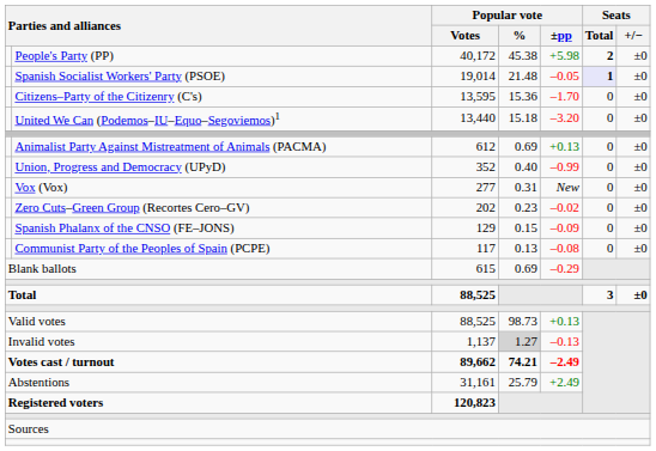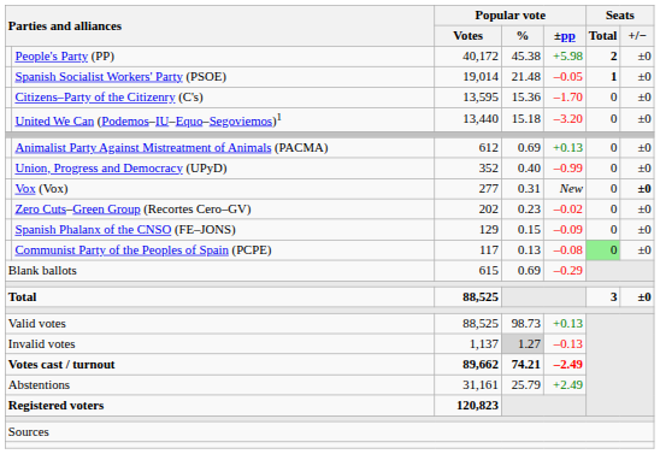 <table class="wikitable" style="text-align:right;">
 <tr>
 <th style="text-align:left;" rowspan="2" colspan="2" width="525">Parties and alliances</th>
 <th colspan="3">Popular vote</th>
 <th colspan="2">Seats</th>
 </tr>
 <tr>
 <th width="75">Votes</th>
 <th width="45">%</th>
 <th width="45">±<a href='#'>pp</a></th>
 <th width="35">Total</th>
 <th width="35">+/−</th>
 </tr>
 <tr>
 <td width="1" style="color:inherit;background:"></td>
 <td align="left"><a href='#'>People's Party</a> (PP)</td>
 <td>40,172</td>
 <td>45.38</td>
 <td style="color:green;">+5.98</td>
 <td><strong>2</strong></td>
 <td>±0</td>
 </tr>
 <tr>
 <td style="color:inherit;background:"></td>
 <td align="left"><a href='#'>Spanish Socialist Workers' Party</a> (PSOE)</td>
 <td>19,014</td>
 <td>21.48</td>
 <td style="color:red;">–0.05</td>
-<td style="background: lavender;"><strong>1</strong></td>
+<td><strong>1</strong></td>
 <td>±0</td>
 </tr>
 <tr>
 <td style="color:inherit;background:"></td>
 <td align="left"><a href='#'>Citizens–Party of the Citizenry</a> (C's)</td>
 <td>13,595</td>
 <td>15.36</td>
 <td style="color:red;">–1.70</td>
 <td>0</td>
 <td>±0</td>
 </tr>
 <tr>
 <td style="color:inherit;background:"></td>
 <td align="left"><a href='#'>United We Can</a> (<a href='#'>Podemos</a>–<a href='#'>IU</a>–<a href='#'>Equo</a>–<a href='#'>Segoviemos</a>)<sup>1</sup></td>
 <td>13,440</td>
 <td>15.18</td>
 <td style="color:red;">–3.20</td>
 <td>0</td>
 <td>±0</td>
 </tr>
 <tr>
 <td colspan="7" bgcolor="#C0C0C0"></td>
 </tr>
 <tr>
 <td style="color:inherit;background:"></td>
 <td align="left"><a href='#'>Animalist Party Against Mistreatment of Animals</a> (PACMA)</td>
 <td>612</td>
 <td>0.69</td>
 <td style="color:green;">+0.13</td>
 <td>0</td>
 <td>±0</td>
 </tr>
 <tr>
 <td style="color:inherit;background:"></td>
 <td align="left"><a href='#'>Union, Progress and Democracy</a> (UPyD)</td>
 <td>352</td>
 <td>0.40</td>
 <td style="color:red;">–0.99</td>
 <td>0</td>
 <td>±0</td>
 </tr>
 <tr>
 <td style="color:inherit;background:"></td>
 <td align="left"><a href='#'>Vox</a> (Vox)</td>
 <td>277</td>
 <td>0.31</td>
 <td><em>New</em></td>
 <td>0</td>
-<td>±0</td>
+<td><strong>±0</strong></td>
 </tr>
 <tr>
 <td style="color:inherit;background:"></td>
 <td align="left"><a href='#'>Zero Cuts</a>–<a href='#'>Green Group</a> (Recortes Cero–GV)</td>
 <td>202</td>
 <td>0.23</td>
 <td style="color:red;">–0.02</td>
 <td>0</td>
 <td>±0</td>
 </tr>
 <tr>
 <td style="color:inherit;background:"></td>
 <td align="left"><a href='#'>Spanish Phalanx of the CNSO</a> (FE–JONS)</td>
 <td>129</td>
 <td>0.15</td>
 <td style="color:red;">–0.09</td>
 <td>0</td>
 <td>±0</td>
 </tr>
 <tr>
 <td style="color:inherit;background:"></td>
 <td align="left"><a href='#'>Communist Party of the Peoples of Spain</a> (PCPE)</td>
 <td>117</td>
 <td>0.13</td>
 <td style="color:red;">–0.08</td>
-<td>0</td>
+<td style="background: lightgreen;">0</td>
 <td>±0</td>
 </tr>
 <tr>
 <td align="left" colspan="2">Blank ballots</td>
 <td>615</td>
 <td>0.69</td>
 <td style="color:red;">–0.29</td>
 <td bgcolor="#E9E9E9" colspan="2"></td>
 </tr>
 <tr>
 <td colspan="7" bgcolor="#E9E9E9"></td>
 </tr>
 <tr style="font-weight:bold;">
 <td align="left" colspan="2">Total</td>
 <td>88,525</td>
 <td bgcolor="#E9E9E9" colspan="2"></td>
 <td>3</td>
 <td>±0</td>
 </tr>
 <tr>
 <td colspan="7" bgcolor="#E9E9E9"></td>
 </tr>
 <tr>
 <td align="left" colspan="2">Valid votes</td>
 <td>88,525</td>
 <td>98.73</td>
 <td style="color:green;">+0.13</td>
 <td bgcolor="#E9E9E9" colspan="2" rowspan="5"></td>
 </tr>
 <tr>
 <td align="left" colspan="2">Invalid votes</td>
 <td>1,137</td>
 <td style="background: lightgrey;">1.27</td>
 <td style="color:red;">–0.13</td>
 </tr>
 <tr style="font-weight:bold;">
 <td align="left" colspan="2">Votes cast / turnout</td>
 <td>89,662</td>
 <td>74.21</td>
 <td style="color:red;">–2.49</td>
 </tr>
 <tr>
 <td align="left" colspan="2">Abstentions</td>
 <td>31,161</td>
 <td>25.79</td>
 <td style="color:green;">+2.49</td>
 </tr>
 <tr style="font-weight:bold;">
 <td align="left" colspan="2">Registered voters</td>
 <td>120,823</td>
 <td bgcolor="#E9E9E9" colspan="2"></td>
 </tr>
 <tr>
 <td colspan="7" bgcolor="#E9E9E9"></td>
 </tr>
 <tr>
 <td align="left" colspan="7">Sources</td>
 </tr>
 <tr>
 <td colspan="7" style="text-align:left; max-width:790px;"></td>
 </tr>
 </table>
